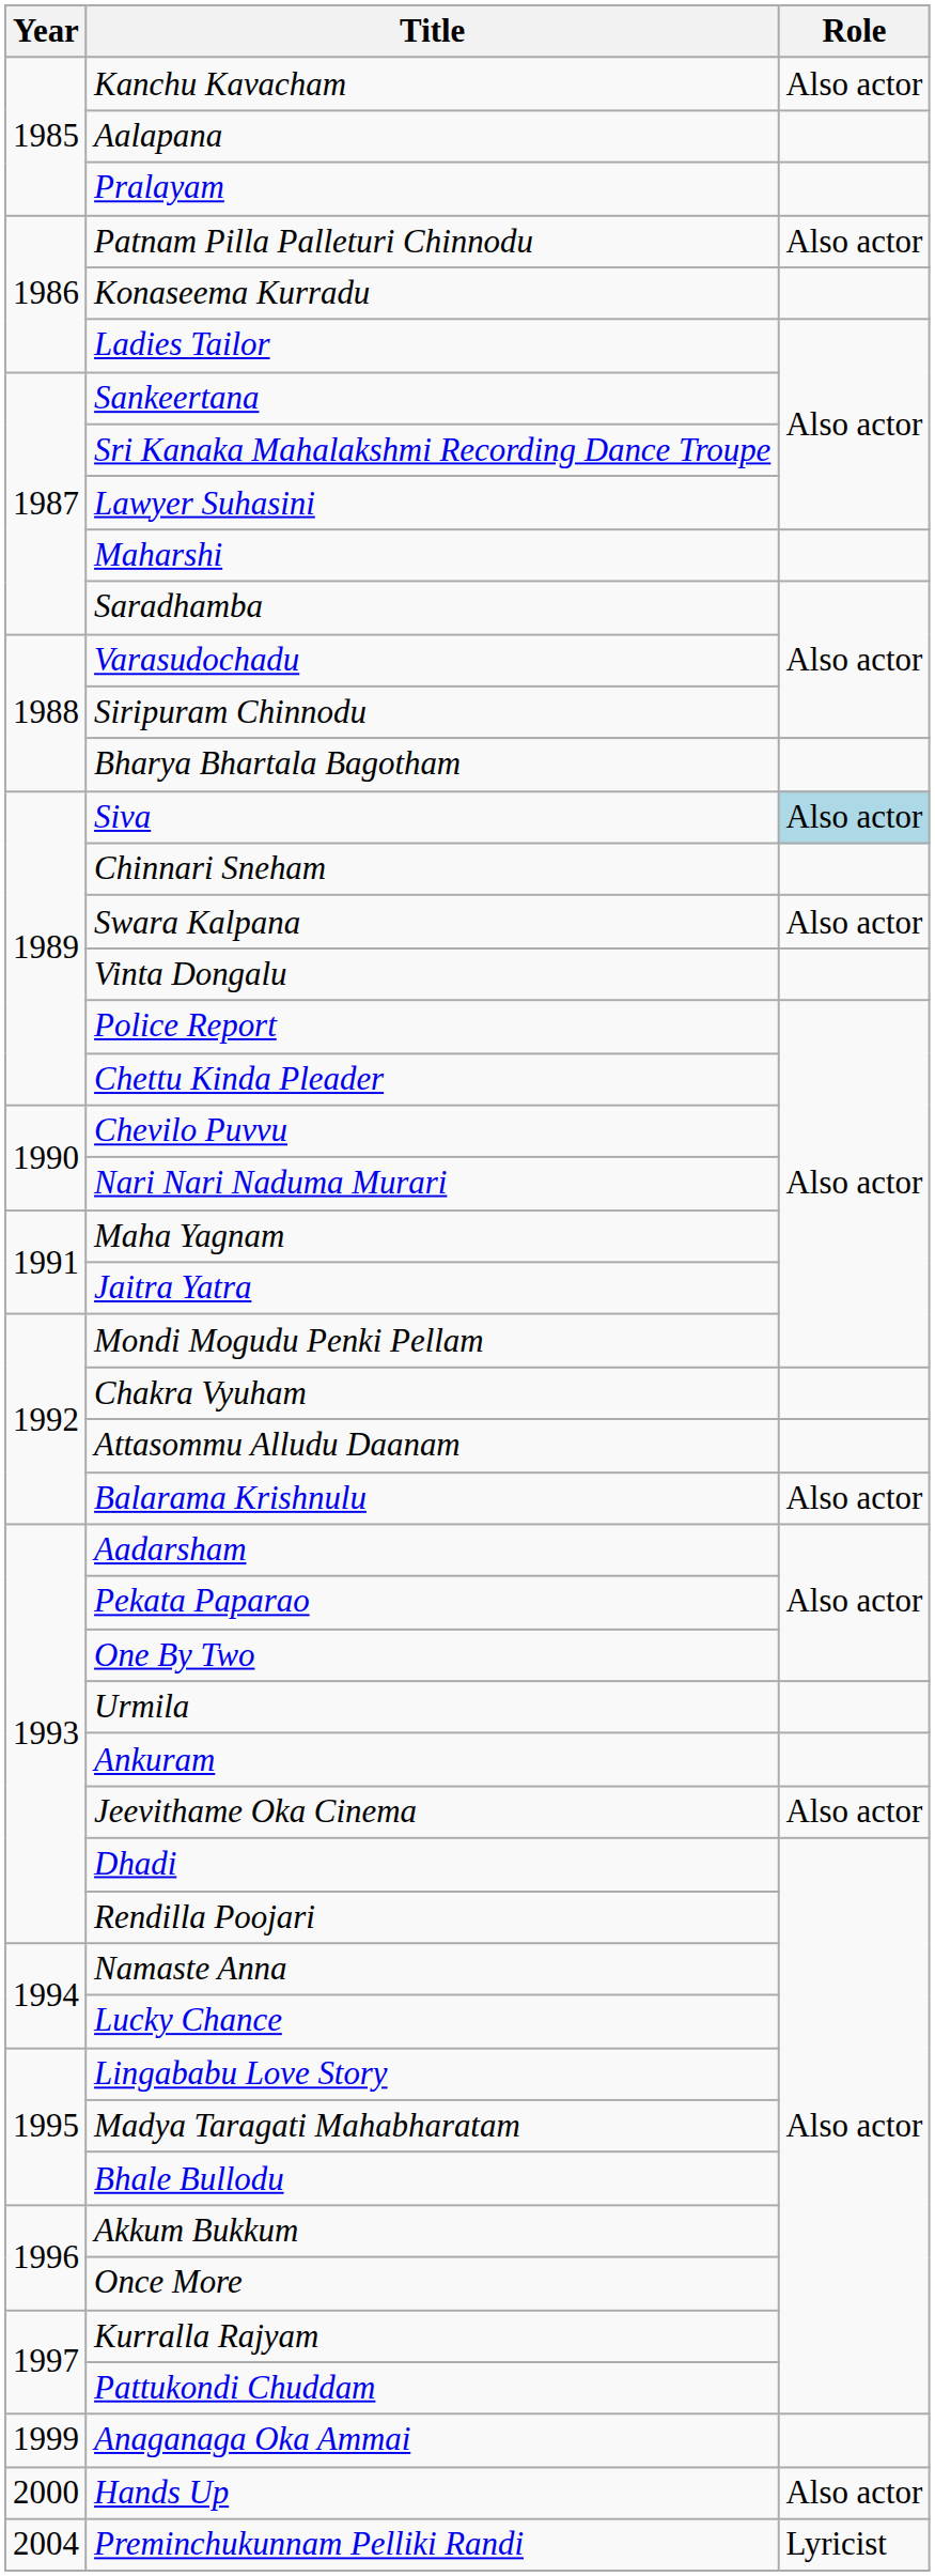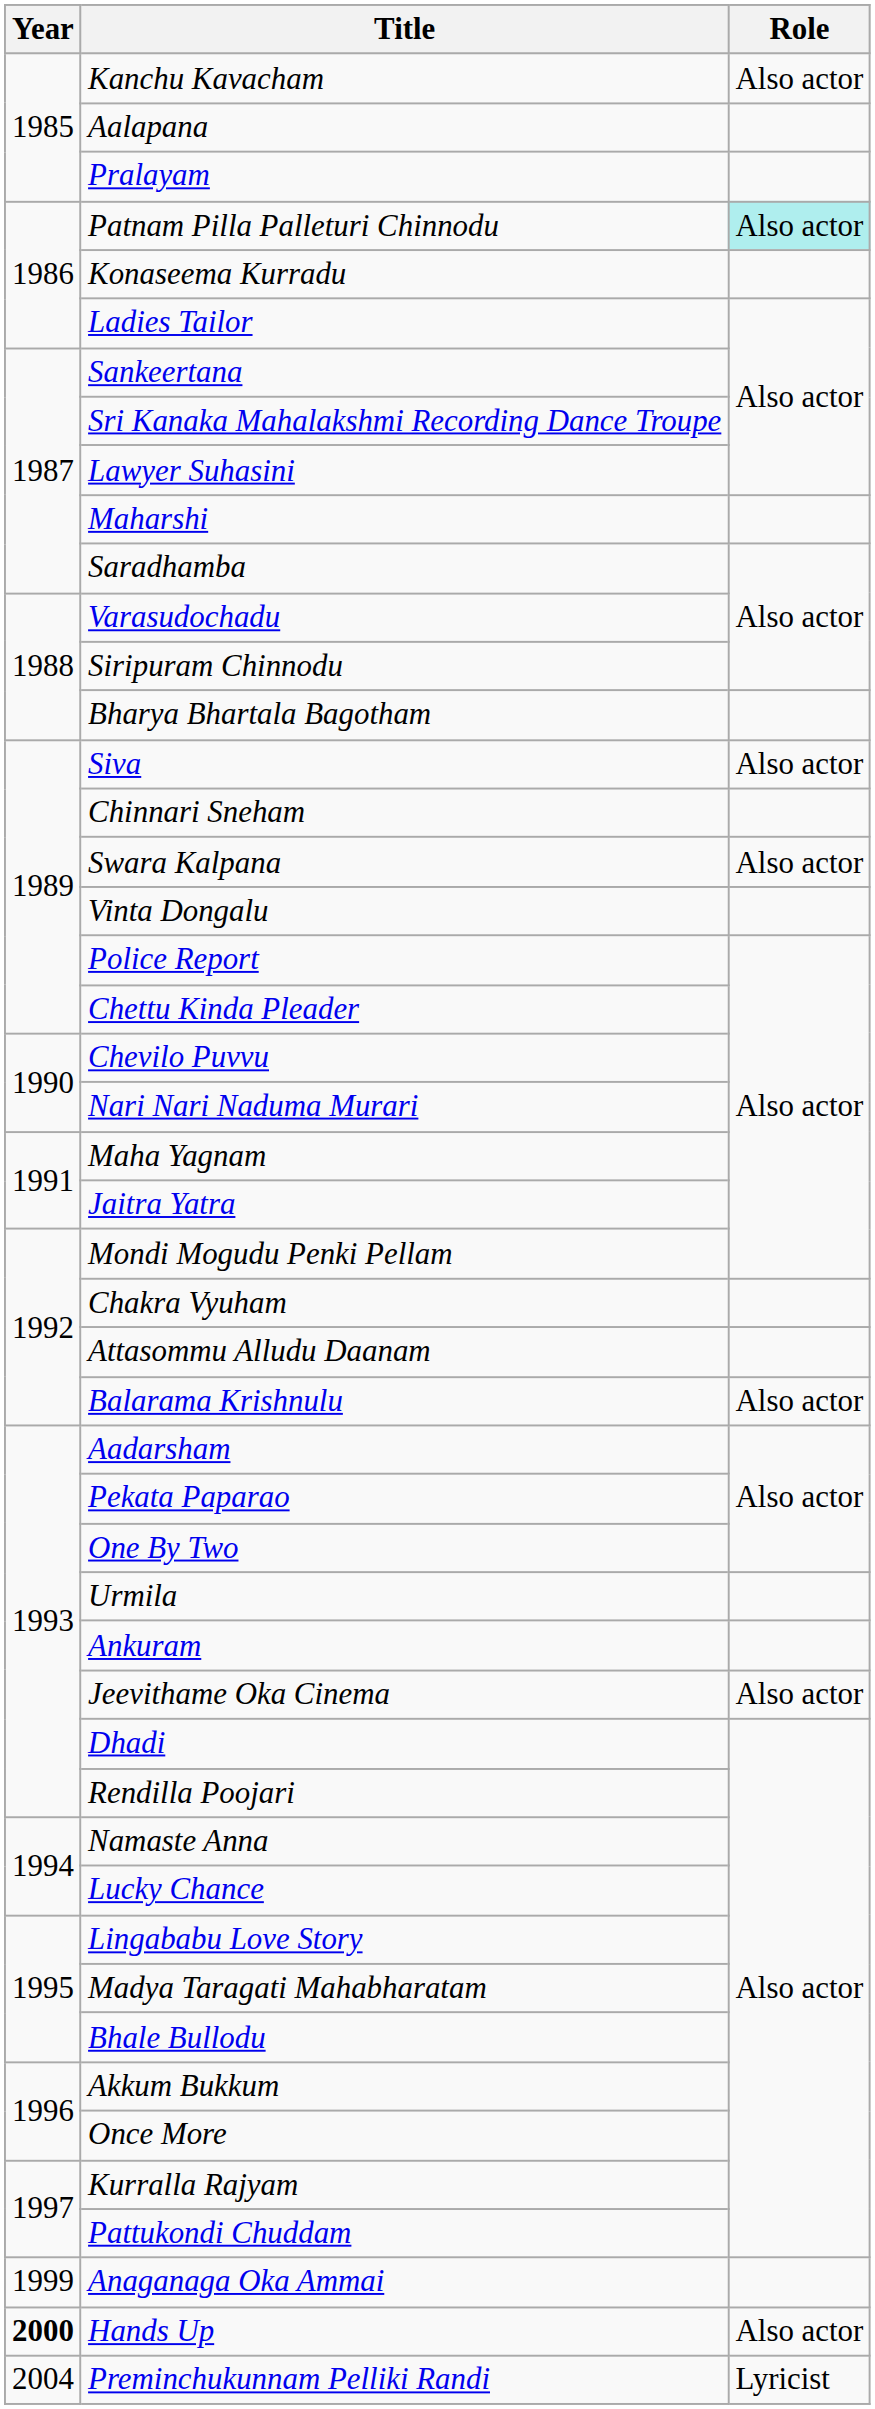 <table class="wikitable sortable">
 <tr style="background:#ccc; text-align:center;">
 <th>Year</th>
 <th>Title</th>
 <th>Role</th>
 </tr>
 <tr>
 <td rowspan="3">1985</td>
 <td><em>Kanchu Kavacham</em></td>
 <td>Also actor</td>
 </tr>
 <tr>
 <td><em>Aalapana</em></td>
 <td></td>
 </tr>
 <tr>
 <td><em><a href='#'>Pralayam</a></em></td>
 <td></td>
 </tr>
 <tr>
 <td rowspan="3">1986</td>
 <td><em>Patnam Pilla Palleturi Chinnodu</em></td>
-<td>Also actor</td>
+<td style="background: paleturquoise;">Also actor</td>
 </tr>
 <tr>
 <td><em>Konaseema Kurradu</em></td>
 <td></td>
 </tr>
 <tr>
 <td><em><a href='#'>Ladies Tailor</a></em></td>
 <td rowspan="4">Also actor</td>
 </tr>
 <tr>
 <td rowspan="5">1987</td>
 <td><em><a href='#'>Sankeertana</a></em></td>
 </tr>
 <tr>
 <td><em><a href='#'>Sri Kanaka Mahalakshmi Recording Dance Troupe</a></em></td>
 </tr>
 <tr>
 <td><em><a href='#'>Lawyer Suhasini</a></em></td>
 </tr>
 <tr>
 <td><em><a href='#'>Maharshi</a></em></td>
 <td></td>
 </tr>
 <tr>
 <td><em>Saradhamba</em></td>
 <td rowspan="3">Also actor</td>
 </tr>
 <tr>
 <td rowspan="3">1988</td>
 <td><em><a href='#'>Varasudochadu</a></em></td>
 </tr>
 <tr>
 <td><em>Siripuram Chinnodu</em></td>
 </tr>
 <tr>
 <td><em>Bharya Bhartala Bagotham</em></td>
 <td></td>
 </tr>
 <tr>
 <td rowspan="6">1989</td>
 <td><em><a href='#'>Siva</a></em></td>
-<td style="background: lightblue;">Also actor</td>
+<td>Also actor</td>
 </tr>
 <tr>
 <td><em>Chinnari Sneham</em></td>
 <td></td>
 </tr>
 <tr>
 <td><em>Swara Kalpana</em></td>
 <td>Also actor</td>
 </tr>
 <tr>
 <td><em>Vinta Dongalu</em></td>
 <td></td>
 </tr>
 <tr>
 <td><em><a href='#'>Police Report</a></em></td>
 <td rowspan="7">Also actor</td>
 </tr>
 <tr>
 <td><em><a href='#'>Chettu Kinda Pleader</a></em></td>
 </tr>
 <tr>
 <td rowspan="2">1990</td>
 <td><em><a href='#'>Chevilo Puvvu</a></em></td>
 </tr>
 <tr>
 <td><em><a href='#'>Nari Nari Naduma Murari</a></em></td>
 </tr>
 <tr>
 <td rowspan="2">1991</td>
 <td><em>Maha Yagnam</em></td>
 </tr>
 <tr>
 <td><em><a href='#'>Jaitra Yatra</a></em></td>
 </tr>
 <tr>
 <td rowspan="4">1992</td>
 <td><em>Mondi Mogudu Penki Pellam</em></td>
 </tr>
 <tr>
 <td><em>Chakra Vyuham</em></td>
 <td></td>
 </tr>
 <tr>
 <td><em>Attasommu Alludu Daanam</em></td>
 <td></td>
 </tr>
 <tr>
 <td><em><a href='#'>Balarama Krishnulu</a></em></td>
 <td>Also actor</td>
 </tr>
 <tr>
 <td rowspan="8">1993</td>
 <td><em><a href='#'>Aadarsham</a></em></td>
 <td rowspan="3">Also actor</td>
 </tr>
 <tr>
 <td><em><a href='#'>Pekata Paparao</a></em></td>
 </tr>
 <tr>
 <td><em><a href='#'>One By Two</a></em></td>
 </tr>
 <tr>
 <td><em>Urmila</em></td>
 <td></td>
 </tr>
 <tr>
 <td><em><a href='#'>Ankuram</a></em></td>
 <td></td>
 </tr>
 <tr>
 <td><em>Jeevithame Oka Cinema</em></td>
 <td>Also actor</td>
 </tr>
 <tr>
 <td><em><a href='#'>Dhadi</a></em></td>
 <td rowspan="11">Also actor</td>
 </tr>
 <tr>
 <td><em>Rendilla Poojari</em></td>
 </tr>
 <tr>
 <td rowspan="2">1994</td>
 <td><em>Namaste Anna</em></td>
 </tr>
 <tr>
 <td><em><a href='#'>Lucky Chance</a></em></td>
 </tr>
 <tr>
 <td rowspan="3">1995</td>
 <td><em><a href='#'>Lingababu Love Story</a></em></td>
 </tr>
 <tr>
 <td><em>Madya Taragati Mahabharatam</em></td>
 </tr>
 <tr>
 <td><em><a href='#'>Bhale Bullodu</a></em></td>
 </tr>
 <tr>
 <td rowspan="2">1996</td>
 <td><em>Akkum Bukkum</em></td>
 </tr>
 <tr>
 <td><em>Once More</em></td>
 </tr>
 <tr>
 <td rowspan="2">1997</td>
 <td><em>Kurralla Rajyam</em></td>
 </tr>
 <tr>
 <td><em><a href='#'>Pattukondi Chuddam</a></em></td>
 </tr>
 <tr>
 <td>1999</td>
 <td><em><a href='#'>Anaganaga Oka Ammai</a></em></td>
 <td></td>
 </tr>
 <tr>
-<td rowspan="1">2000</td>
+<td rowspan="1"><strong>2000</strong></td>
 <td><em><a href='#'>Hands Up</a></em></td>
 <td>Also actor</td>
 </tr>
 <tr>
 <td>2004</td>
 <td><em><a href='#'>Preminchukunnam Pelliki Randi</a></em></td>
 <td>Lyricist</td>
 </tr>
 </table>
